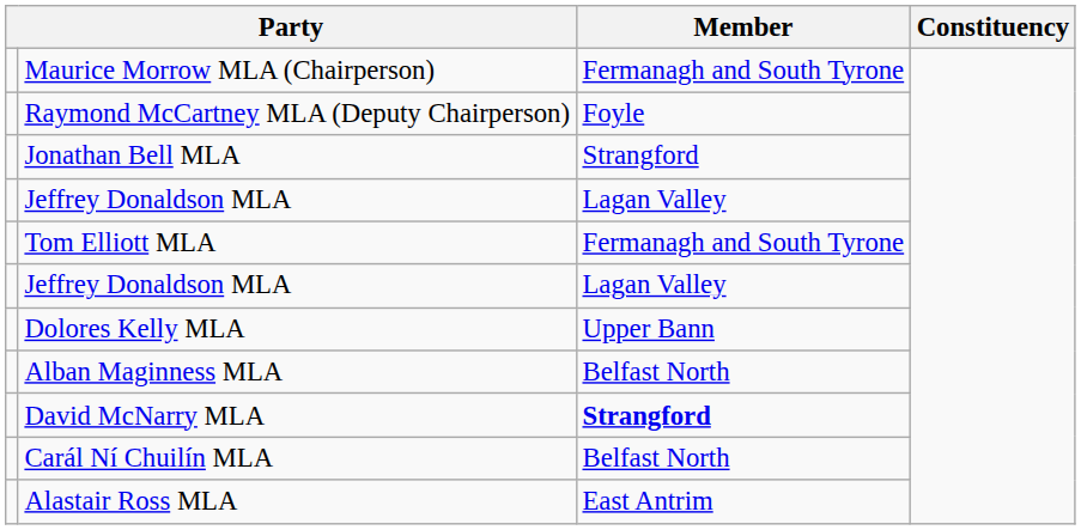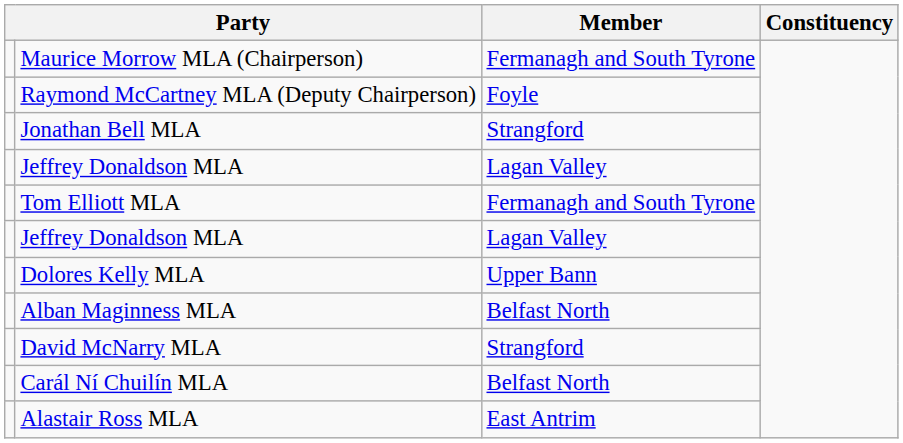 <table class="wikitable" border="1">
 <tr>
 <th colspan="2" scope="col">Party</th>
 <th scope="col">Member</th>
 <th scope="col">Constituency</th>
 </tr>
 <tr>
 <td></td>
 <td><a href='#'>Maurice Morrow</a> MLA (Chairperson)</td>
 <td><a href='#'>Fermanagh and South Tyrone</a></td>
 </tr>
 <tr>
 <td></td>
 <td><a href='#'>Raymond McCartney</a> MLA (Deputy Chairperson)</td>
 <td><a href='#'>Foyle</a></td>
 </tr>
 <tr>
 <td></td>
 <td><a href='#'>Jonathan Bell</a> MLA</td>
 <td><a href='#'>Strangford</a></td>
 </tr>
 <tr>
 <td></td>
 <td><a href='#'>Jeffrey Donaldson</a> MLA</td>
 <td><a href='#'>Lagan Valley</a></td>
 </tr>
 <tr>
 <td></td>
 <td><a href='#'>Tom Elliott</a> MLA</td>
 <td><a href='#'>Fermanagh and South Tyrone</a></td>
 </tr>
 <tr>
 <td></td>
 <td><a href='#'>Jeffrey Donaldson</a> MLA</td>
 <td><a href='#'>Lagan Valley</a></td>
 </tr>
 <tr>
 <td></td>
 <td><a href='#'>Dolores Kelly</a> MLA</td>
 <td><a href='#'>Upper Bann</a></td>
 </tr>
 <tr>
 <td></td>
 <td><a href='#'>Alban Maginness</a> MLA</td>
 <td><a href='#'>Belfast North</a></td>
 </tr>
 <tr>
 <td></td>
 <td><a href='#'>David McNarry</a> MLA</td>
-<td><strong><a href='#'>Strangford</a></strong></td>
+<td><a href='#'>Strangford</a></td>
 </tr>
 <tr>
 <td></td>
 <td><a href='#'>Carál Ní Chuilín</a> MLA</td>
 <td><a href='#'>Belfast North</a></td>
 </tr>
 <tr>
 <td></td>
 <td><a href='#'>Alastair Ross</a> MLA</td>
 <td><a href='#'>East Antrim</a></td>
 </tr>
 </table>
